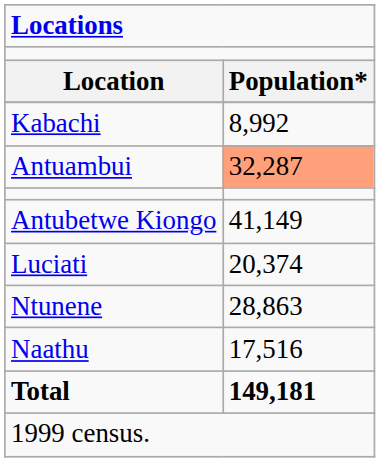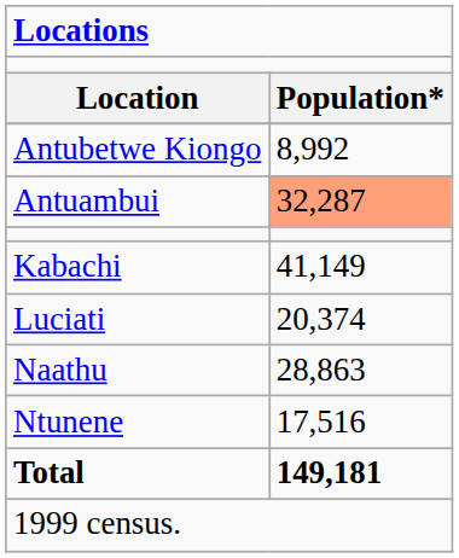 <table class="wikitable">
 <tr>
 <td colspan="2"><strong><a href='#'>Locations</a></strong></td>
 </tr>
 <tr>
 <td colspan="2"></td>
 </tr>
 <tr>
 <th>Location</th>
 <th>Population*</th>
 </tr>
 <tr>
 </tr>
 <tr>
-<td><a href='#'>Kabachi</a></td>
+<td><a href='#'>Antubetwe Kiongo</a></td>
 <td>8,992</td>
 </tr>
 <tr>
 <td><a href='#'>Antuambui</a></td>
 <td style="background: lightsalmon;">32,287</td>
 </tr>
 <tr>
 <td></td>
 <td></td>
 </tr>
 <tr>
-<td><a href='#'>Antubetwe Kiongo</a></td>
+<td><a href='#'>Kabachi</a></td>
 <td>41,149</td>
 </tr>
 <tr>
 <td><a href='#'>Luciati</a></td>
 <td>20,374</td>
 </tr>
 <tr>
-<td><a href='#'>Ntunene</a></td>
+<td><a href='#'>Naathu</a></td>
 <td>28,863</td>
 </tr>
 <tr>
-<td><a href='#'>Naathu</a></td>
+<td><a href='#'>Ntunene</a></td>
 <td>17,516</td>
 </tr>
 <tr>
 <td><strong>Total</strong></td>
 <td><strong>149,181</strong></td>
 </tr>
 <tr>
 <td colspan="2">1999 census.</td>
 </tr>
 </table>
